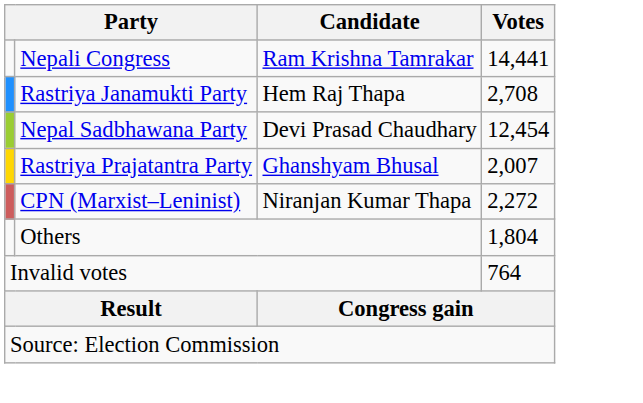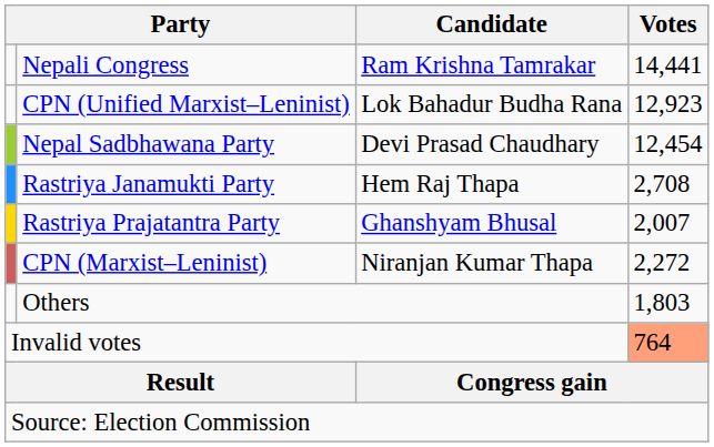 <table class="wikitable">
 <tr>
 <th colspan="2">Party</th>
 <th>Candidate</th>
 <th>Votes</th>
 </tr>
 <tr>
 <td style="background-color:"></td>
 <td><a href='#'>Nepali Congress</a></td>
 <td><a href='#'>Ram Krishna Tamrakar</a></td>
 <td>14,441</td>
 </tr>
 <tr>
-<td style="background-color:dodgerblue"></td>
-<td><a href='#'>Rastriya Janamukti Party</a></td>
-<td>Hem Raj Thapa</td>
-<td>2,708</td>
+<td style="background-color:"></td>
+<td><a href='#'>CPN (Unified Marxist–Leninist)</a></td>
+<td>Lok Bahadur Budha Rana</td>
+<td>12,923</td>
 </tr>
 <tr>
 <td style="background-color:yellowgreen"></td>
 <td><a href='#'>Nepal Sadbhawana Party</a></td>
 <td>Devi Prasad Chaudhary</td>
 <td>12,454</td>
+</tr>
+<tr>
+<td style="background-color:dodgerblue"></td>
+<td><a href='#'>Rastriya Janamukti Party</a></td>
+<td>Hem Raj Thapa</td>
+<td>2,708</td>
 </tr>
 <tr>
 <td style="background-color:gold"></td>
 <td><a href='#'>Rastriya Prajatantra Party</a></td>
 <td><a href='#'>Ghanshyam Bhusal</a></td>
 <td>2,007</td>
 </tr>
 <tr>
 <td style="background-color:indianred"></td>
 <td><a href='#'>CPN (Marxist–Leninist)</a></td>
 <td>Niranjan Kumar Thapa</td>
 <td>2,272</td>
 </tr>
 <tr>
 <td></td>
 <td colspan="2">Others</td>
-<td>1,804</td>
+<td>1,803</td>
 </tr>
 <tr>
 <td colspan="3">Invalid votes</td>
-<td>764</td>
+<td style="background: lightsalmon;">764</td>
 </tr>
 <tr>
 <th colspan="2">Result</th>
 <th colspan="2">Congress gain</th>
 </tr>
 <tr>
 <td colspan="4">Source: Election Commission</td>
 </tr>
 </table>
